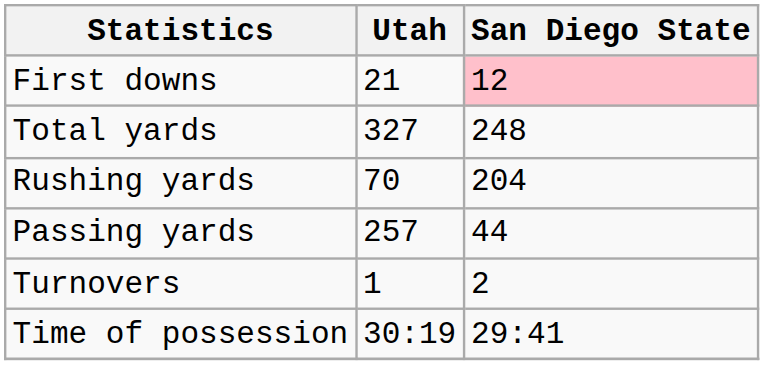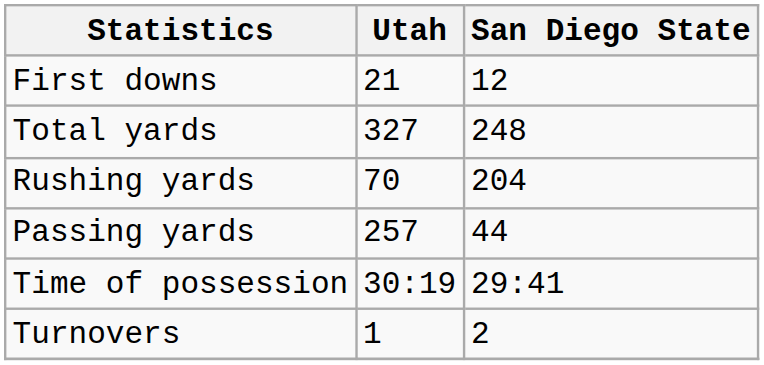 <table class="wikitable">
 <tr>
 <th>Statistics</th>
 <th>Utah</th>
 <th>San Diego State</th>
 </tr>
 <tr>
 <td>First downs</td>
 <td>21</td>
-<td style="background: pink;">12</td>
+<td>12</td>
 </tr>
 <tr>
 <td>Total yards</td>
 <td>327</td>
 <td>248</td>
 </tr>
 <tr>
 <td>Rushing yards</td>
 <td>70</td>
 <td>204</td>
 </tr>
 <tr>
 <td>Passing yards</td>
 <td>257</td>
 <td>44</td>
 </tr>
 <tr>
+<td>Time of possession</td>
+<td>30:19</td>
+<td>29:41</td>
+</tr>
+<tr>
 <td>Turnovers</td>
 <td>1</td>
 <td>2</td>
 </tr>
 <tr>
-<td>Time of possession</td>
-<td>30:19</td>
-<td>29:41</td>
-</tr>
-<tr>
 </tr>
 </table>
